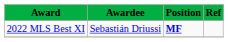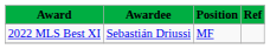 <table class="wikitable">
 <tr style="background:#cccccc;">
 <th style="background:#00AE42; color:#000000">Award</th>
 <th style="background:#00AE42; color:#000000">Awardee</th>
 <th style="background:#00AE42; color:#000000">Position</th>
 <th style="background:#00AE42; color:#000000">Ref</th>
 </tr>
 <tr>
 </tr>
 <tr>
 <td><a href='#'>2022 MLS Best XI</a></td>
 <td> <a href='#'>Sebastián Driussi</a></td>
-<td><strong><a href='#'>MF</a></strong></td>
+<td><a href='#'>MF</a></td>
 <td style="text-align: center;"></td>
 </tr>
 <tr>
 </tr>
 </table>
